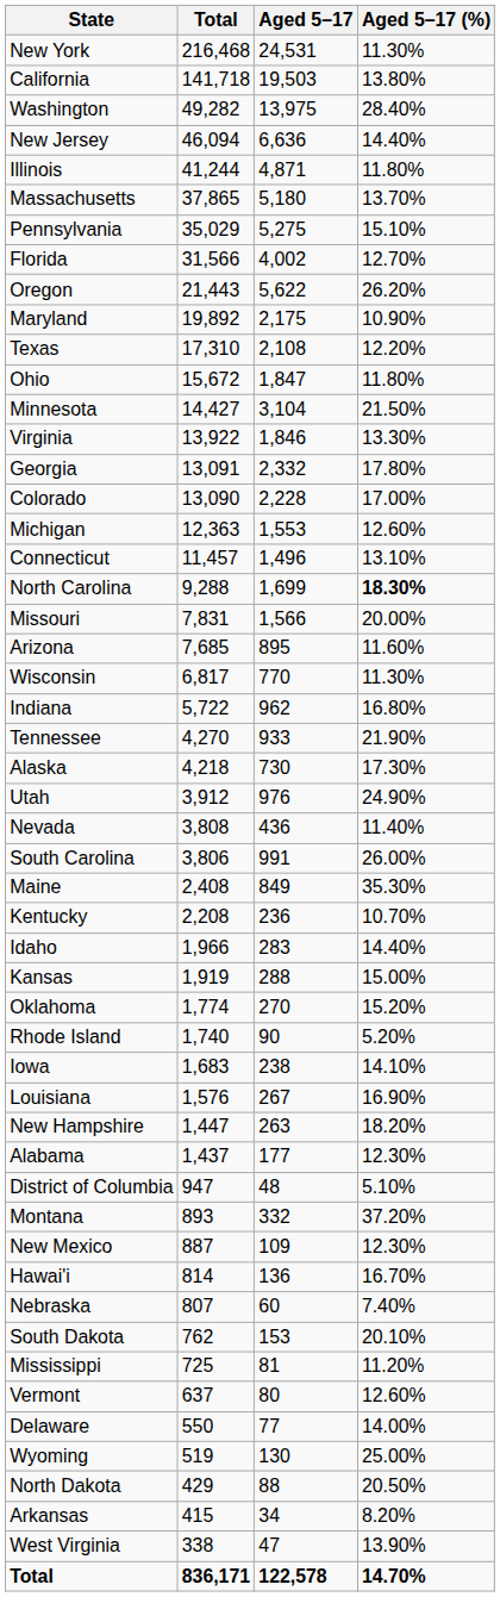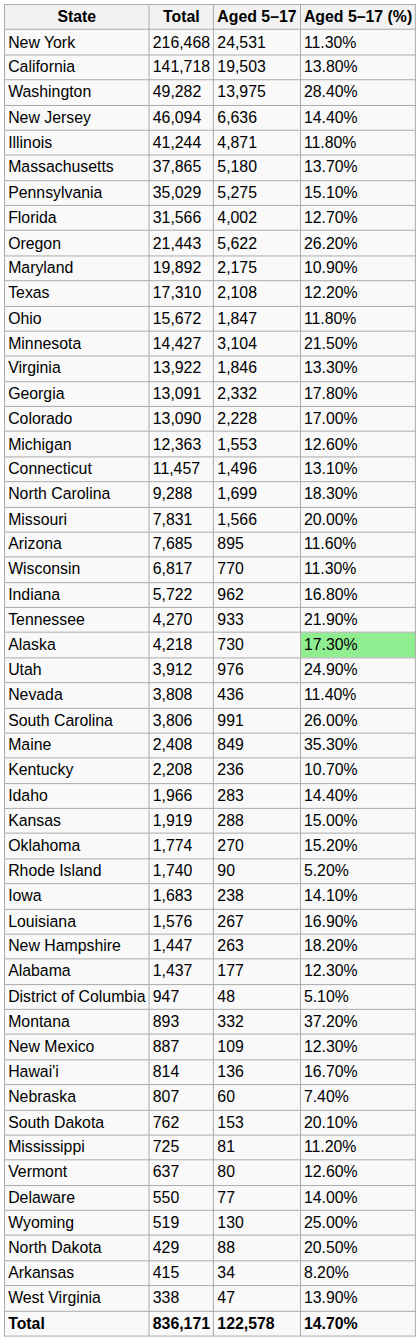 <table class = "wikitable sortable">
 <tr>
 <th><strong>State</strong></th>
 <th><strong>Total</strong></th>
 <th><strong>Aged 5–17</strong></th>
 <th><strong>Aged 5–17 (%)</strong></th>
 </tr>
 <tr>
 <td>New York</td>
 <td>216,468</td>
 <td>24,531</td>
 <td>11.30%</td>
 </tr>
 <tr>
 <td>California</td>
 <td>141,718</td>
 <td>19,503</td>
 <td>13.80%</td>
 </tr>
 <tr>
 <td>Washington</td>
 <td>49,282</td>
 <td>13,975</td>
 <td>28.40%</td>
 </tr>
 <tr>
 <td>New Jersey</td>
 <td>46,094</td>
 <td>6,636</td>
 <td>14.40%</td>
 </tr>
 <tr>
 <td>Illinois</td>
 <td>41,244</td>
 <td>4,871</td>
 <td>11.80%</td>
 </tr>
 <tr>
 <td>Massachusetts</td>
 <td>37,865</td>
 <td>5,180</td>
 <td>13.70%</td>
 </tr>
 <tr>
 <td>Pennsylvania</td>
 <td>35,029</td>
 <td>5,275</td>
 <td>15.10%</td>
 </tr>
 <tr>
 <td>Florida</td>
 <td>31,566</td>
 <td>4,002</td>
 <td>12.70%</td>
 </tr>
 <tr>
 <td>Oregon</td>
 <td>21,443</td>
 <td>5,622</td>
 <td>26.20%</td>
 </tr>
 <tr>
 <td>Maryland</td>
 <td>19,892</td>
 <td>2,175</td>
 <td>10.90%</td>
 </tr>
 <tr>
 <td>Texas</td>
 <td>17,310</td>
 <td>2,108</td>
 <td>12.20%</td>
 </tr>
 <tr>
 <td>Ohio</td>
 <td>15,672</td>
 <td>1,847</td>
 <td>11.80%</td>
 </tr>
 <tr>
 <td>Minnesota</td>
 <td>14,427</td>
 <td>3,104</td>
 <td>21.50%</td>
 </tr>
 <tr>
 <td>Virginia</td>
 <td>13,922</td>
 <td>1,846</td>
 <td>13.30%</td>
 </tr>
 <tr>
 <td>Georgia</td>
 <td>13,091</td>
 <td>2,332</td>
 <td>17.80%</td>
 </tr>
 <tr>
 <td>Colorado</td>
 <td>13,090</td>
 <td>2,228</td>
 <td>17.00%</td>
 </tr>
 <tr>
 <td>Michigan</td>
 <td>12,363</td>
 <td>1,553</td>
 <td>12.60%</td>
 </tr>
 <tr>
 <td>Connecticut</td>
 <td>11,457</td>
 <td>1,496</td>
 <td>13.10%</td>
 </tr>
 <tr>
 <td>North Carolina</td>
 <td>9,288</td>
 <td>1,699</td>
-<td><strong>18.30%</strong></td>
+<td>18.30%</td>
 </tr>
 <tr>
 <td>Missouri</td>
 <td>7,831</td>
 <td>1,566</td>
 <td>20.00%</td>
 </tr>
 <tr>
 <td>Arizona</td>
 <td>7,685</td>
 <td>895</td>
 <td>11.60%</td>
 </tr>
 <tr>
 <td>Wisconsin</td>
 <td>6,817</td>
 <td>770</td>
 <td>11.30%</td>
 </tr>
 <tr>
 <td>Indiana</td>
 <td>5,722</td>
 <td>962</td>
 <td>16.80%</td>
 </tr>
 <tr>
 <td>Tennessee</td>
 <td>4,270</td>
 <td>933</td>
 <td>21.90%</td>
 </tr>
 <tr>
 <td>Alaska</td>
 <td>4,218</td>
 <td>730</td>
-<td>17.30%</td>
+<td style="background: lightgreen;">17.30%</td>
 </tr>
 <tr>
 <td>Utah</td>
 <td>3,912</td>
 <td>976</td>
 <td>24.90%</td>
 </tr>
 <tr>
 <td>Nevada</td>
 <td>3,808</td>
 <td>436</td>
 <td>11.40%</td>
 </tr>
 <tr>
 <td>South Carolina</td>
 <td>3,806</td>
 <td>991</td>
 <td>26.00%</td>
 </tr>
 <tr>
 <td>Maine</td>
 <td>2,408</td>
 <td>849</td>
 <td>35.30%</td>
 </tr>
 <tr>
 <td>Kentucky</td>
 <td>2,208</td>
 <td>236</td>
 <td>10.70%</td>
 </tr>
 <tr>
 <td>Idaho</td>
 <td>1,966</td>
 <td>283</td>
 <td>14.40%</td>
 </tr>
 <tr>
 <td>Kansas</td>
 <td>1,919</td>
 <td>288</td>
 <td>15.00%</td>
 </tr>
 <tr>
 <td>Oklahoma</td>
 <td>1,774</td>
 <td>270</td>
 <td>15.20%</td>
 </tr>
 <tr>
 <td>Rhode Island</td>
 <td>1,740</td>
 <td>90</td>
 <td>5.20%</td>
 </tr>
 <tr>
 <td>Iowa</td>
 <td>1,683</td>
 <td>238</td>
 <td>14.10%</td>
 </tr>
 <tr>
 <td>Louisiana</td>
 <td>1,576</td>
 <td>267</td>
 <td>16.90%</td>
 </tr>
 <tr>
 <td>New Hampshire</td>
 <td>1,447</td>
 <td>263</td>
 <td>18.20%</td>
 </tr>
 <tr>
 <td>Alabama</td>
 <td>1,437</td>
 <td>177</td>
 <td>12.30%</td>
 </tr>
 <tr>
 <td>District of Columbia</td>
 <td>947</td>
 <td>48</td>
 <td>5.10%</td>
 </tr>
 <tr>
 <td>Montana</td>
 <td>893</td>
 <td>332</td>
 <td>37.20%</td>
 </tr>
 <tr>
 <td>New Mexico</td>
 <td>887</td>
 <td>109</td>
 <td>12.30%</td>
 </tr>
 <tr>
 <td>Hawai'i</td>
 <td>814</td>
 <td>136</td>
 <td>16.70%</td>
 </tr>
 <tr>
 <td>Nebraska</td>
 <td>807</td>
 <td>60</td>
 <td>7.40%</td>
 </tr>
 <tr>
 <td>South Dakota</td>
 <td>762</td>
 <td>153</td>
 <td>20.10%</td>
 </tr>
 <tr>
 <td>Mississippi</td>
 <td>725</td>
 <td>81</td>
 <td>11.20%</td>
 </tr>
 <tr>
 <td>Vermont</td>
 <td>637</td>
 <td>80</td>
 <td>12.60%</td>
 </tr>
 <tr>
 <td>Delaware</td>
 <td>550</td>
 <td>77</td>
 <td>14.00%</td>
 </tr>
 <tr>
 <td>Wyoming</td>
 <td>519</td>
 <td>130</td>
 <td>25.00%</td>
 </tr>
 <tr>
 <td>North Dakota</td>
 <td>429</td>
 <td>88</td>
 <td>20.50%</td>
 </tr>
 <tr>
 <td>Arkansas</td>
 <td>415</td>
 <td>34</td>
 <td>8.20%</td>
 </tr>
 <tr>
 <td>West Virginia</td>
 <td>338</td>
 <td>47</td>
 <td>13.90%</td>
 </tr>
 <tr>
 <td><strong>Total</strong></td>
 <td><strong>836,171</strong></td>
 <td><strong>122,578</strong></td>
 <td><strong>14.70%</strong></td>
 </tr>
 </table>
